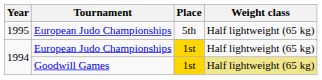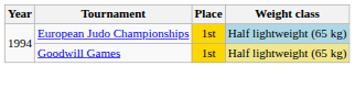 <table class=wikitable>
 <tr>
 <th>Year</th>
 <th>Tournament</th>
 <th>Place</th>
 <th>Weight class</th>
 </tr>
 <tr>
-<td>1995</td>
-<td><a href='#'>European Judo Championships</a></td>
-<td align="center">5th</td>
-<td>Half lightweight (65 kg)</td>
-</tr>
-<tr>
 <td rowspan=2>1994</td>
 <td><a href='#'>European Judo Championships</a></td>
 <td bgcolor="gold" align="center">1st</td>
-<td>Half lightweight (65 kg)</td>
+<td style="background: lightblue;">Half lightweight (65 kg)</td>
 </tr>
 <tr>
 <td><a href='#'>Goodwill Games</a></td>
 <td bgcolor="gold" align="center">1st</td>
 <td style="background: khaki;">Half lightweight (65 kg)</td>
 </tr>
 </table>
